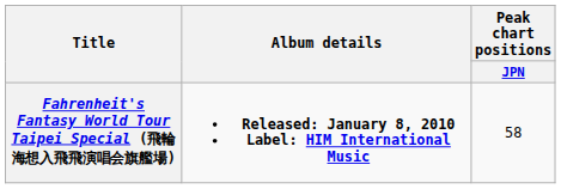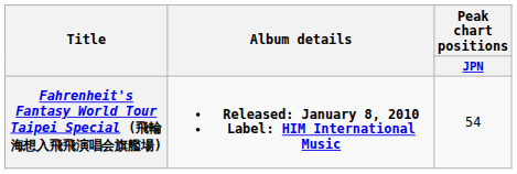 <table class="wikitable plainrowheaders" style="text-align:center;">
 <tr>
 <th rowspan="2" style="width:12em;">Title</th>
 <th rowspan="2" style="width:20em;">Album details</th>
 <th>Peak chart positions</th>
 </tr>
 <tr>
 <th scope="col" style="width:2.5em;font-size:90%;"><a href='#'>JPN</a><br></th>
 </tr>
 <tr>
 <th scope="row"><em><a href='#'>Fahrenheit's Fantasy World Tour Taipei Special</a></em> (飛輪海想入飛飛演唱会旗艦場)</th>
 <td><strong><br><ul><li>Released: January 8, 2010 </li><li>Label: <a href='#'>HIM International Music</a></li></ul></strong></td>
-<td>58</td>
+<td>54</td>
 </tr>
 </table>
